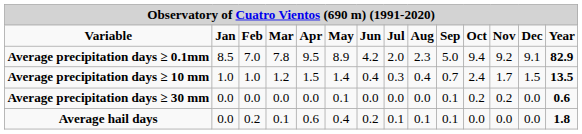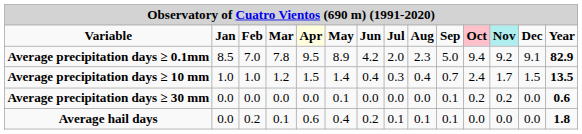 <table class="wikitable" style="text-align:center">
 <tr bgcolor="lightgrey">
 <td colspan="14"><strong>Observatory of <a href='#'>Cuatro Vientos</a> (690 m) (1991-2020)</strong></td>
 </tr>
 <tr>
 <td><strong>Variable</strong></td>
 <td><strong>Jan</strong></td>
 <td><strong>Feb</strong></td>
 <td><strong>Mar</strong></td>
-<td><strong>Apr</strong></td>
+<td style="background: lightyellow;"><strong>Apr</strong></td>
 <td><strong>May</strong></td>
 <td><strong>Jun</strong></td>
 <td><strong>Jul</strong></td>
 <td><strong>Aug</strong></td>
 <td><strong>Sep</strong></td>
-<td><strong>Oct</strong></td>
-<td><strong>Nov</strong></td>
+<td style="background: pink;"><strong>Oct</strong></td>
+<td style="background: paleturquoise;"><strong>Nov</strong></td>
 <td><strong>Dec</strong></td>
 <td><strong>Year</strong></td>
 </tr>
 <tr>
 <td><strong>Average precipitation days ≥ 0.1mm</strong></td>
 <td>8.5</td>
 <td>7.0</td>
 <td>7.8</td>
 <td>9.5</td>
 <td>8.9</td>
 <td>4.2</td>
 <td>2.0</td>
 <td>2.3</td>
 <td>5.0</td>
 <td>9.4</td>
 <td>9.2</td>
 <td>9.1</td>
 <td><strong>82.9</strong></td>
 </tr>
 <tr>
 <td><strong>Average precipitation days ≥ 10 mm</strong></td>
 <td>1.0</td>
 <td>1.0</td>
 <td>1.2</td>
 <td>1.5</td>
 <td>1.4</td>
 <td>0.4</td>
 <td>0.3</td>
 <td>0.4</td>
 <td>0.7</td>
 <td>2.4</td>
 <td>1.7</td>
 <td>1.5</td>
 <td><strong>13.5</strong></td>
 </tr>
 <tr>
 <td><strong>Average precipitation days ≥ 30 mm</strong></td>
 <td>0.0</td>
 <td>0.0</td>
 <td>0.0</td>
 <td>0.0</td>
 <td>0.1</td>
 <td>0.0</td>
 <td>0.0</td>
 <td>0.0</td>
 <td>0.1</td>
 <td>0.2</td>
 <td>0.2</td>
 <td>0.0</td>
 <td><strong>0.6</strong></td>
 </tr>
 <tr>
 <td><strong>Average hail days</strong></td>
 <td>0.0</td>
 <td>0.2</td>
 <td>0.1</td>
 <td>0.6</td>
 <td>0.4</td>
 <td>0.2</td>
 <td>0.1</td>
 <td>0.1</td>
 <td>0.1</td>
 <td>0.0</td>
 <td>0.0</td>
 <td>0.0</td>
 <td><strong>1.8</strong></td>
 </tr>
 </table>
